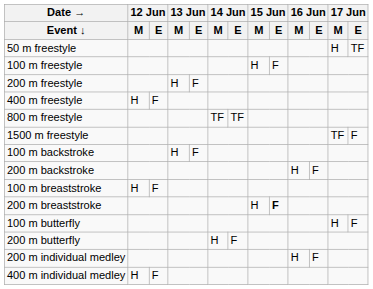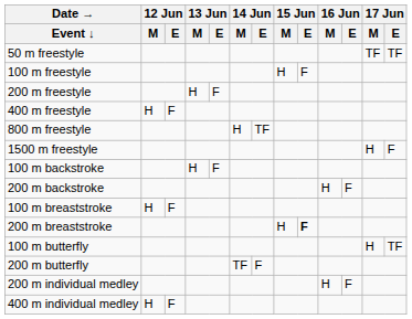 <table class="wikitable swimming-schedule" style="flex:auto 0 1">
 <tr>
 <th>Date →</th>
 <th colspan=2>12 Jun</th>
 <th colspan=2>13 Jun</th>
 <th colspan=2>14 Jun</th>
 <th colspan=2>15 Jun</th>
 <th colspan=2>16 Jun</th>
 <th colspan=2>17 Jun</th>
 </tr>
 <tr>
 <th>Event ↓</th>
 <th>M</th>
 <th>E</th>
 <th>M</th>
 <th>E</th>
 <th>M</th>
 <th>E</th>
 <th>M</th>
 <th>E</th>
 <th>M</th>
 <th>E</th>
 <th>M</th>
 <th>E</th>
 </tr>
 <tr>
 <td class=event>50 m freestyle</td>
 <td colspan=2></td>
 <td colspan=2></td>
 <td colspan=2></td>
 <td colspan=2></td>
 <td colspan=2></td>
-<td class=heats>H</td>
+<td class=final>TF</td>
 <td class=final>TF</td>
 </tr>
 <tr>
 <td class=event>100 m freestyle</td>
 <td colspan=2></td>
 <td colspan=2></td>
 <td colspan=2></td>
 <td class=heats>H</td>
 <td class=final>F</td>
 <td colspan=2></td>
 <td colspan=2></td>
 </tr>
 <tr>
 <td class=event>200 m freestyle</td>
 <td colspan=2></td>
 <td class=heats>H</td>
 <td class=final>F</td>
 <td colspan=2></td>
 <td colspan=2></td>
 <td colspan=2></td>
 <td colspan=2></td>
 </tr>
 <tr>
 <td class=event>400 m freestyle</td>
 <td class=heats>H</td>
 <td class=final>F</td>
 <td colspan=2></td>
 <td colspan=2></td>
 <td colspan=2></td>
 <td colspan=2></td>
 <td colspan=2></td>
 </tr>
 <tr>
 <td class=event>800 m freestyle</td>
 <td colspan=2></td>
 <td colspan=2></td>
-<td class=final>TF</td>
+<td class=heats>H</td>
 <td class=final>TF</td>
 <td colspan=2></td>
 <td colspan=2></td>
 <td colspan=2></td>
 </tr>
 <tr>
 <td class=event>1500 m freestyle</td>
 <td colspan=2></td>
 <td colspan=2></td>
 <td colspan=2></td>
 <td colspan=2></td>
 <td colspan=2></td>
-<td class=final>TF</td>
+<td class=heats>H</td>
 <td class=final>F</td>
 </tr>
 <tr>
 <td class=event>100 m backstroke</td>
 <td colspan=2></td>
 <td class=heats>H</td>
 <td class=final>F</td>
 <td colspan=2></td>
 <td colspan=2></td>
 <td colspan=2></td>
 <td colspan=2></td>
 </tr>
 <tr>
 <td class=event>200 m backstroke</td>
 <td colspan=2></td>
 <td colspan=2></td>
 <td colspan=2></td>
 <td colspan=2></td>
 <td class=heats>H</td>
 <td class=final>F</td>
 <td colspan=2></td>
 </tr>
 <tr>
 <td class=event>100 m breaststroke</td>
 <td class=heats>H</td>
 <td class=final>F</td>
 <td colspan=2></td>
 <td colspan=2></td>
 <td colspan=2></td>
 <td colspan=2></td>
 <td colspan=2></td>
 </tr>
 <tr>
 <td class=event>200 m breaststroke</td>
 <td colspan=2></td>
 <td colspan=2></td>
 <td colspan=2></td>
 <td class=heats>H</td>
 <td class=final><strong>F</strong></td>
 <td colspan=2></td>
 <td colspan=2></td>
 </tr>
 <tr>
 <td class=event>100 m butterfly</td>
 <td colspan=2></td>
 <td colspan=2></td>
 <td colspan=2></td>
 <td colspan=2></td>
 <td colspan=2></td>
 <td class=heats>H</td>
-<td class=final>F</td>
+<td class=final>TF</td>
 </tr>
 <tr>
 <td class=event>200 m butterfly</td>
 <td colspan=2></td>
 <td colspan=2></td>
-<td class=heats>H</td>
+<td class=final>TF</td>
 <td class=final>F</td>
 <td colspan=2></td>
 <td colspan=2></td>
 <td colspan=2></td>
 </tr>
 <tr>
 <td class=event>200 m individual medley</td>
 <td colspan=2></td>
 <td colspan=2></td>
 <td colspan=2></td>
 <td colspan=2></td>
 <td class=heats>H</td>
 <td class=final>F</td>
 <td colspan=2></td>
 </tr>
 <tr>
 <td class=event>400 m individual medley</td>
 <td class=heats>H</td>
 <td class=final>F</td>
 <td colspan=2></td>
 <td colspan=2></td>
 <td colspan=2></td>
 <td colspan=2></td>
 <td colspan=2></td>
 </tr>
 </table>
